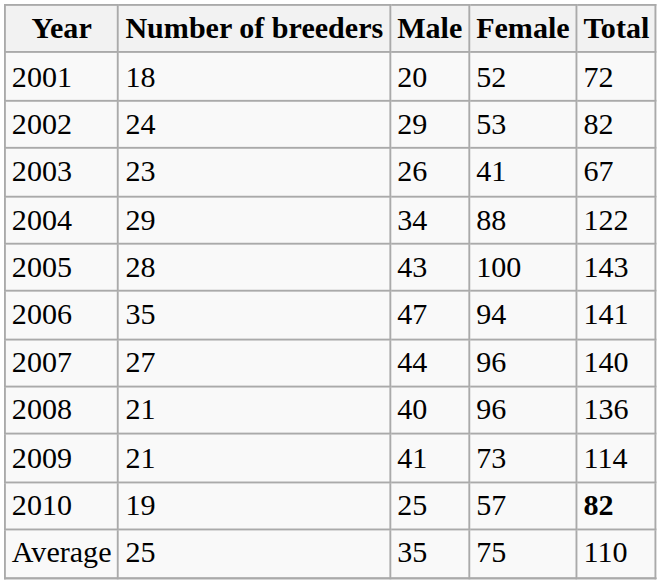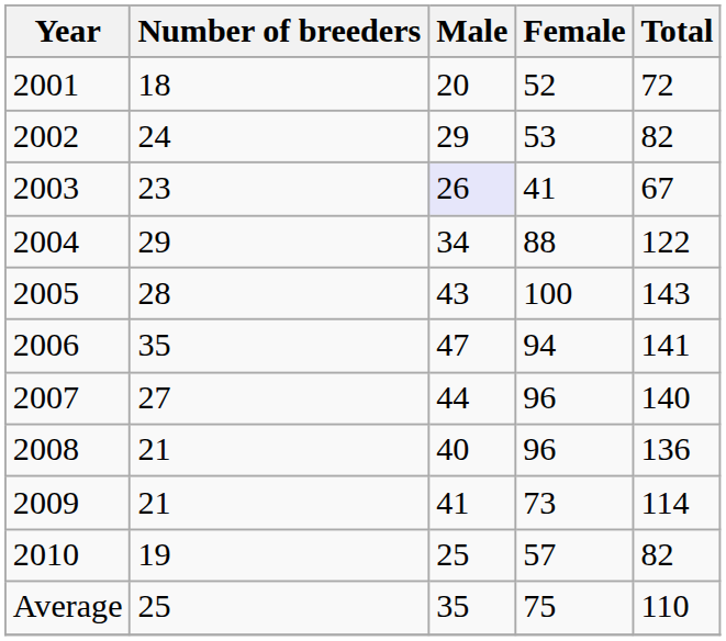 <table class="wikitable">
 <tr>
 <th>Year</th>
 <th>Number of breeders</th>
 <th>Male</th>
 <th>Female</th>
 <th>Total</th>
 </tr>
 <tr>
 <td>2001</td>
 <td>18</td>
 <td>20</td>
 <td>52</td>
 <td>72</td>
 </tr>
 <tr>
 <td>2002</td>
 <td>24</td>
 <td>29</td>
 <td>53</td>
 <td>82</td>
 </tr>
 <tr>
 <td>2003</td>
 <td>23</td>
-<td>26</td>
+<td style="background: lavender;">26</td>
 <td>41</td>
 <td>67</td>
 </tr>
 <tr>
 <td>2004</td>
 <td>29</td>
 <td>34</td>
 <td>88</td>
 <td>122</td>
 </tr>
 <tr>
 <td>2005</td>
 <td>28</td>
 <td>43</td>
 <td>100</td>
 <td>143</td>
 </tr>
 <tr>
 <td>2006</td>
 <td>35</td>
 <td>47</td>
 <td>94</td>
 <td>141</td>
 </tr>
 <tr>
 <td>2007</td>
 <td>27</td>
 <td>44</td>
 <td>96</td>
 <td>140</td>
 </tr>
 <tr>
 <td>2008</td>
 <td>21</td>
 <td>40</td>
 <td>96</td>
 <td>136</td>
 </tr>
 <tr>
 <td>2009</td>
 <td>21</td>
 <td>41</td>
 <td>73</td>
 <td>114</td>
 </tr>
 <tr>
 <td>2010</td>
 <td>19</td>
 <td>25</td>
 <td>57</td>
-<td><strong>82</strong></td>
+<td>82</td>
 </tr>
 <tr>
 <td>Average</td>
 <td>25</td>
 <td>35</td>
 <td>75</td>
 <td>110</td>
 </tr>
 <tr>
 </tr>
 </table>
